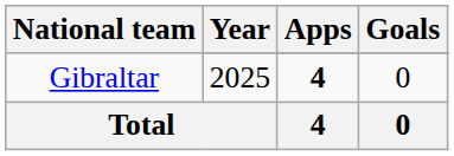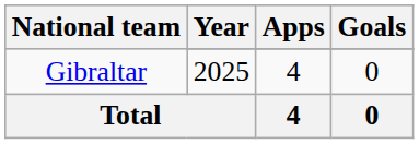 <table class=wikitable style="text-align: center;">
 <tr>
 <th>National team</th>
 <th>Year</th>
 <th>Apps</th>
 <th>Goals</th>
 </tr>
 <tr>
 <td rowspan=2><a href='#'>Gibraltar</a></td>
 </tr>
 <tr>
 <td>2025</td>
-<td><strong>4</strong></td>
+<td>4</td>
 <td>0</td>
 </tr>
 <tr>
 <th colspan=2>Total</th>
 <th>4</th>
 <th>0</th>
 </tr>
 </table>
